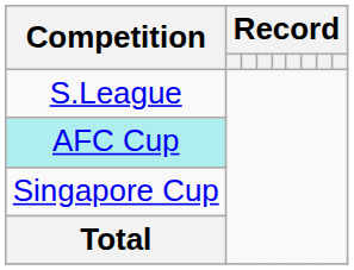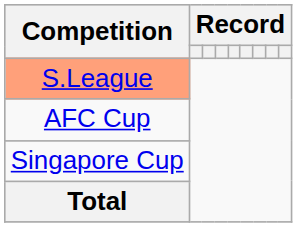 <table class="wikitable" style="text-align: center">
 <tr>
 <th rowspan=2>Competition</th>
 <th colspan=8>Record</th>
 </tr>
 <tr>
 <th></th>
 <th></th>
 <th></th>
 <th></th>
 <th></th>
 <th></th>
 <th></th>
 <th></th>
 </tr>
 <tr>
-<td><a href='#'>S.League</a><br></td>
+<td style="background: lightsalmon;"><a href='#'>S.League</a><br></td>
 </tr>
 <tr>
-<td style="background: paleturquoise;"><a href='#'>AFC Cup</a><br></td>
+<td><a href='#'>AFC Cup</a><br></td>
 </tr>
 <tr>
 <td><a href='#'>Singapore Cup</a><br></td>
 </tr>
 <tr>
 <th>Total<br></th>
 </tr>
 </table>
